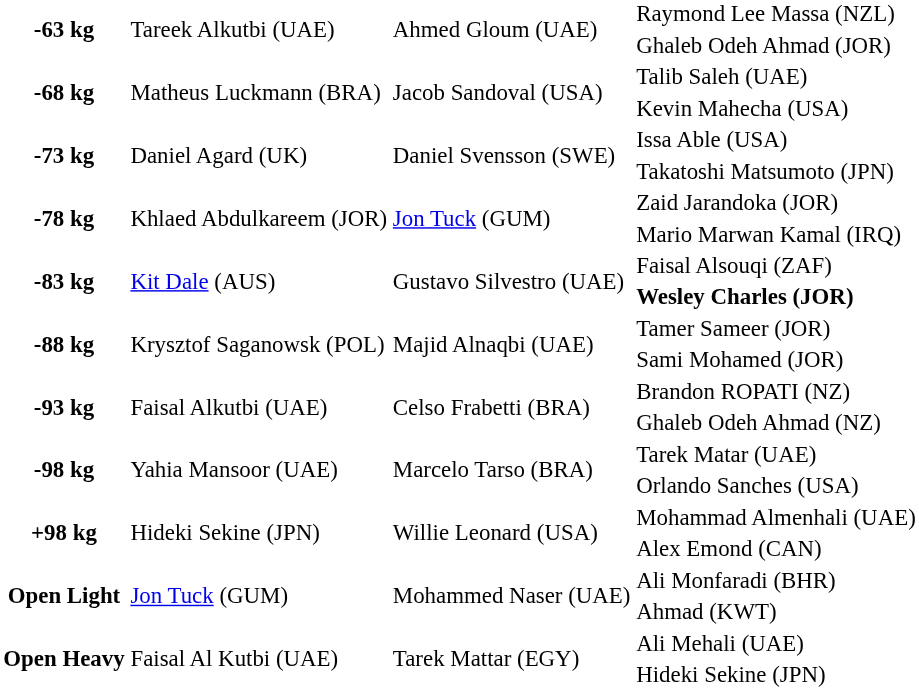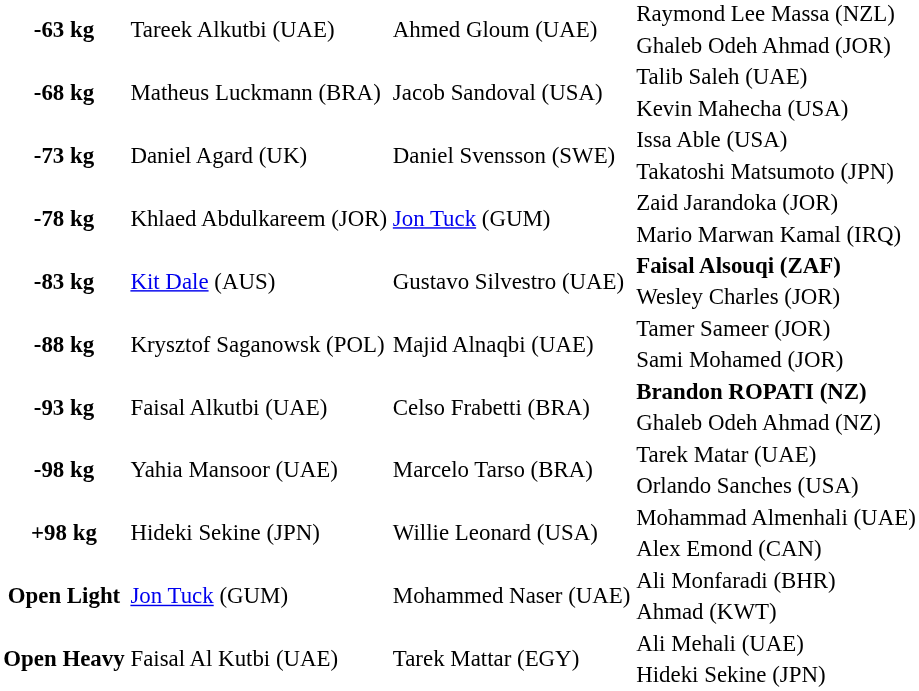 <table>
 <tr>
 <th scope=row rowspan=2>-63 kg</th>
 <td rowspan=2> Tareek Alkutbi (UAE)</td>
 <td rowspan=2> Ahmed Gloum (UAE)</td>
 <td> Raymond Lee Massa  (NZL)</td>
 </tr>
 <tr>
 <td> Ghaleb Odeh Ahmad (JOR)</td>
 </tr>
 <tr>
 <th scope=row rowspan=2>-68 kg</th>
 <td rowspan=2> Matheus Luckmann (BRA)</td>
 <td rowspan=2> Jacob Sandoval (USA)</td>
 <td> Talib Saleh (UAE)</td>
 </tr>
 <tr>
 <td> Kevin Mahecha (USA)</td>
 </tr>
 <tr>
 <th scope=row rowspan=2>-73 kg</th>
 <td rowspan=2> Daniel Agard (UK)</td>
 <td rowspan=2> Daniel Svensson (SWE)</td>
 <td> Issa Able (USA)</td>
 </tr>
 <tr>
 <td> Takatoshi Matsumoto (JPN)</td>
 </tr>
 <tr>
 <th scope=row rowspan=2>-78 kg</th>
 <td rowspan=2> Khlaed Abdulkareem (JOR)</td>
 <td rowspan=2> <a href='#'>Jon Tuck</a> (GUM)</td>
 <td> Zaid Jarandoka (JOR)</td>
 </tr>
 <tr>
 <td> Mario Marwan Kamal (IRQ)</td>
 </tr>
 <tr>
 <th scope=row rowspan=2>-83 kg</th>
 <td rowspan=2> <a href='#'>Kit Dale</a> (AUS)</td>
 <td rowspan=2> Gustavo Silvestro (UAE)</td>
-<td> Faisal Alsouqi (ZAF)</td>
+<td><strong> Faisal Alsouqi (ZAF)</strong></td>
 </tr>
 <tr>
-<td><strong> Wesley Charles (JOR)</strong></td>
+<td> Wesley Charles (JOR)</td>
 </tr>
 <tr>
 <th scope=row rowspan=2>-88 kg</th>
 <td rowspan=2> Krysztof Saganowsk (POL)</td>
 <td rowspan=2> Majid Alnaqbi (UAE)</td>
 <td> Tamer Sameer (JOR)</td>
 </tr>
 <tr>
 <td> Sami Mohamed (JOR)</td>
 </tr>
 <tr>
 <th scope=row rowspan=2>-93 kg</th>
 <td rowspan=2> Faisal Alkutbi (UAE)</td>
 <td rowspan=2> Celso Frabetti (BRA)</td>
-<td> Brandon ROPATI (NZ)</td>
+<td><strong> Brandon ROPATI (NZ)</strong></td>
 </tr>
 <tr>
 <td> Ghaleb Odeh Ahmad (NZ)</td>
 </tr>
 <tr>
 <th scope=row rowspan=2>-98 kg</th>
 <td rowspan=2> Yahia Mansoor (UAE)</td>
 <td rowspan=2> Marcelo Tarso (BRA)</td>
 <td> Tarek Matar (UAE)</td>
 </tr>
 <tr>
 <td> Orlando Sanches (USA)</td>
 </tr>
 <tr>
 <th scope=row rowspan=2>+98 kg</th>
 <td rowspan=2> Hideki Sekine (JPN)</td>
 <td rowspan=2> Willie Leonard (USA)</td>
 <td> Mohammad Almenhali (UAE)</td>
 </tr>
 <tr>
 <td> Alex Emond (CAN)</td>
 </tr>
 <tr>
 <th scope=row rowspan=2>Open Light</th>
 <td rowspan=2> <a href='#'>Jon Tuck</a> (GUM)</td>
 <td rowspan=2> Mohammed Naser (UAE)</td>
 <td> Ali Monfaradi (BHR)</td>
 </tr>
 <tr>
 <td> Ahmad (KWT)</td>
 </tr>
 <tr>
 <th scope=row rowspan=2>Open Heavy</th>
 <td rowspan=2> Faisal Al Kutbi (UAE)</td>
 <td rowspan=2> Tarek Mattar (EGY)</td>
 <td> Ali Mehali (UAE)</td>
 </tr>
 <tr>
 <td> Hideki Sekine (JPN)</td>
 </tr>
 </table>
